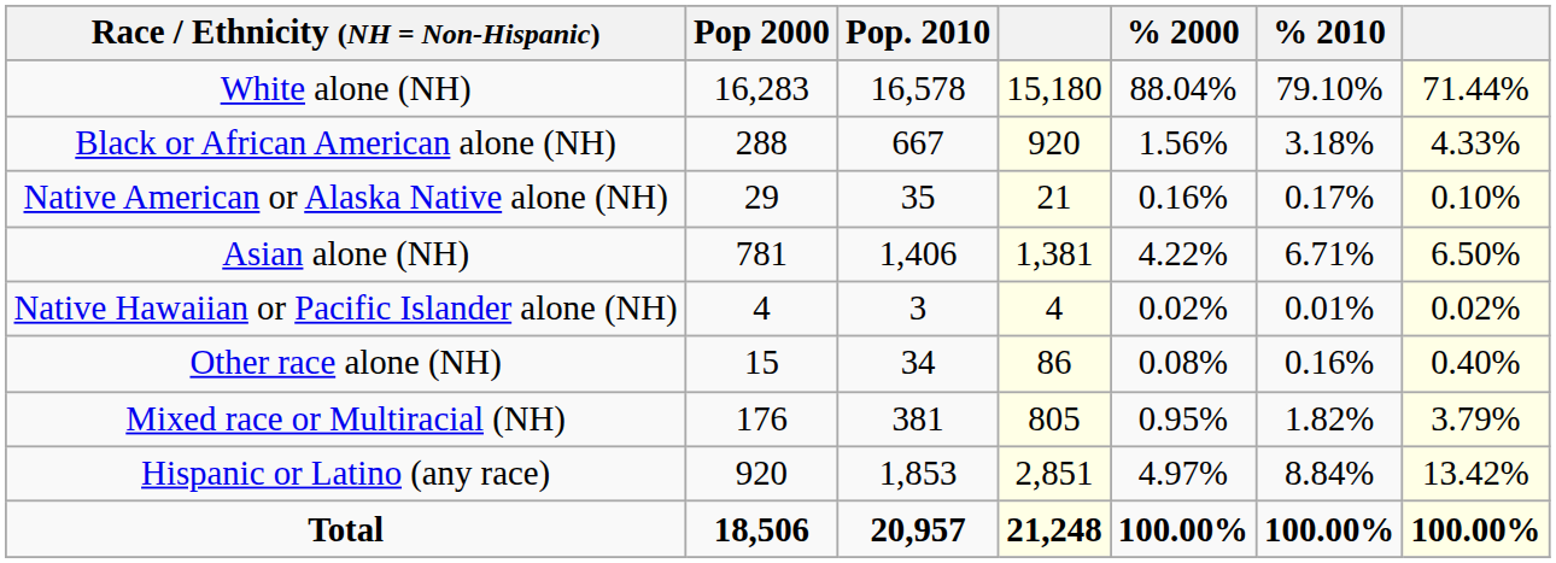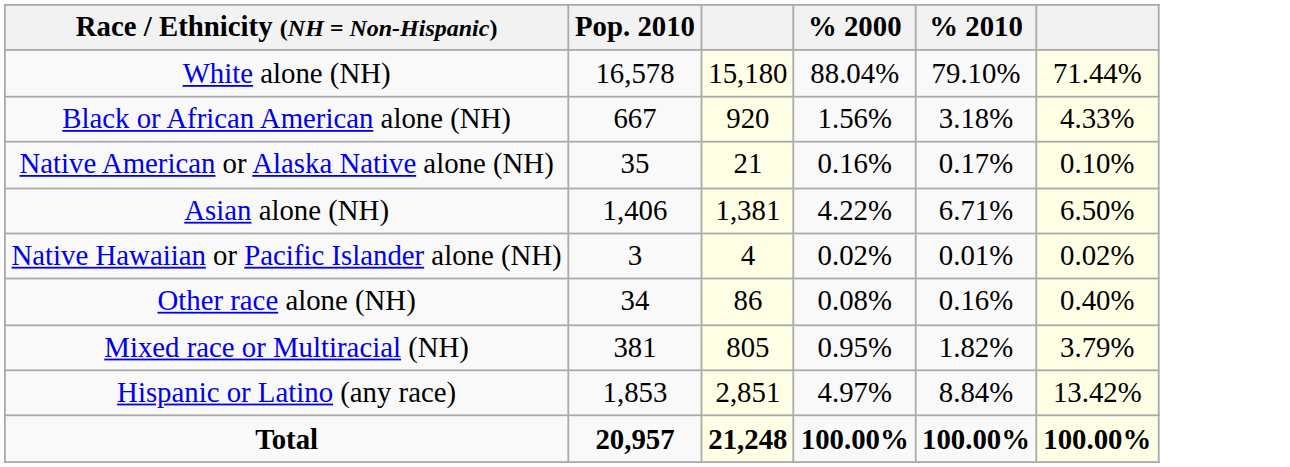 <table class="wikitable" style="text-align:center;">
 <tr>
 <th>Race / Ethnicity <small>(<em>NH = Non-Hispanic</em>)</small></th>
-<th>Pop 2000</th>
 <th>Pop. 2010</th>
 <th></th>
 <th>% 2000</th>
 <th>% 2010</th>
 <th></th>
 </tr>
 <tr>
 <td><a href='#'>White</a> alone (NH)</td>
-<td>16,283</td>
 <td>16,578</td>
 <td style='background: #ffffe6;'>15,180</td>
 <td>88.04%</td>
 <td>79.10%</td>
 <td style='background: #ffffe6;'>71.44%</td>
 </tr>
 <tr>
 <td><a href='#'>Black or African American</a> alone (NH)</td>
-<td>288</td>
 <td>667</td>
 <td style='background: #ffffe6;'>920</td>
 <td>1.56%</td>
 <td>3.18%</td>
 <td style='background: #ffffe6;'>4.33%</td>
 </tr>
 <tr>
 <td><a href='#'>Native American</a> or <a href='#'>Alaska Native</a> alone (NH)</td>
-<td>29</td>
 <td>35</td>
 <td style='background: #ffffe6;'>21</td>
 <td>0.16%</td>
 <td>0.17%</td>
 <td style='background: #ffffe6;'>0.10%</td>
 </tr>
 <tr>
 <td><a href='#'>Asian</a> alone (NH)</td>
-<td>781</td>
 <td>1,406</td>
 <td style='background: #ffffe6;'>1,381</td>
 <td>4.22%</td>
 <td>6.71%</td>
 <td style='background: #ffffe6;'>6.50%</td>
 </tr>
 <tr>
 <td><a href='#'>Native Hawaiian</a> or <a href='#'>Pacific Islander</a> alone (NH)</td>
-<td>4</td>
 <td>3</td>
 <td style='background: #ffffe6;'>4</td>
 <td>0.02%</td>
 <td>0.01%</td>
 <td style='background: #ffffe6;'>0.02%</td>
 </tr>
 <tr>
 <td><a href='#'>Other race</a> alone (NH)</td>
-<td>15</td>
 <td>34</td>
 <td style='background: #ffffe6;'>86</td>
 <td>0.08%</td>
 <td>0.16%</td>
 <td style='background: #ffffe6;'>0.40%</td>
 </tr>
 <tr>
 <td><a href='#'>Mixed race or Multiracial</a> (NH)</td>
-<td>176</td>
 <td>381</td>
 <td style='background: #ffffe6;'>805</td>
 <td>0.95%</td>
 <td>1.82%</td>
 <td style='background: #ffffe6;'>3.79%</td>
 </tr>
 <tr>
 <td><a href='#'>Hispanic or Latino</a> (any race)</td>
-<td>920</td>
 <td>1,853</td>
 <td style='background: #ffffe6;'>2,851</td>
 <td>4.97%</td>
 <td>8.84%</td>
 <td style='background: #ffffe6;'>13.42%</td>
 </tr>
 <tr>
 <td><strong>Total</strong></td>
-<td><strong>18,506</strong></td>
 <td><strong>20,957</strong></td>
 <td style='background: #ffffe6;'><strong>21,248</strong></td>
 <td><strong>100.00%</strong></td>
 <td><strong>100.00%</strong></td>
 <td style='background: #ffffe6;'><strong>100.00%</strong></td>
 </tr>
 </table>
